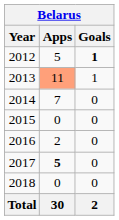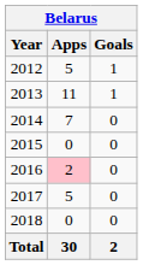 <table class="wikitable" style="text-align:center">
 <tr>
 <th colspan=3><a href='#'>Belarus</a></th>
 </tr>
 <tr>
 <th>Year</th>
 <th>Apps</th>
 <th>Goals</th>
 </tr>
 <tr>
 <td>2012</td>
 <td>5</td>
-<td><strong>1</strong></td>
+<td>1</td>
 </tr>
 <tr>
 <td>2013</td>
-<td style="background: lightsalmon;">11</td>
+<td>11</td>
 <td>1</td>
 </tr>
 <tr>
 <td>2014</td>
 <td>7</td>
 <td>0</td>
 </tr>
 <tr>
 <td>2015</td>
 <td>0</td>
 <td>0</td>
 </tr>
 <tr>
 <td>2016</td>
-<td>2</td>
+<td style="background: pink;">2</td>
 <td>0</td>
 </tr>
 <tr>
 <td>2017</td>
-<td><strong>5</strong></td>
+<td>5</td>
 <td>0</td>
 </tr>
 <tr>
 <td>2018</td>
 <td>0</td>
 <td>0</td>
 </tr>
 <tr>
 <th>Total</th>
 <th>30</th>
 <th>2</th>
 </tr>
 </table>
